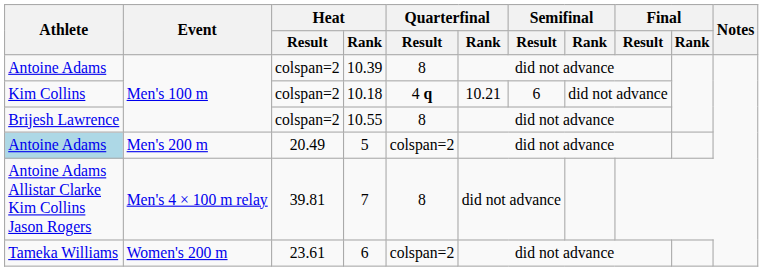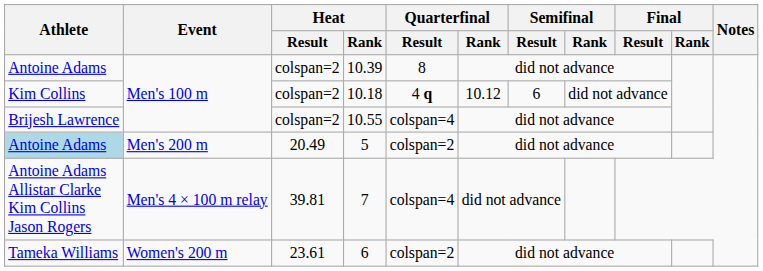 <table class="wikitable" style="font-size:90%">
 <tr>
 <th rowspan="2">Athlete</th>
 <th rowspan="2">Event</th>
 <th colspan="2">Heat</th>
 <th colspan="2">Quarterfinal</th>
 <th colspan="2">Semifinal</th>
 <th colspan="2">Final</th>
 <th rowspan="2">Notes</th>
 </tr>
 <tr style="font-size:95%">
 <th>Result</th>
 <th>Rank</th>
 <th>Result</th>
 <th>Rank</th>
 <th>Result</th>
 <th>Rank</th>
 <th>Result</th>
 <th>Rank</th>
 </tr>
 <tr align=center>
 <td align=left><a href='#'>Antoine Adams</a></td>
 <td align=left rowspan=3><a href='#'>Men's 100 m</a></td>
 <td>colspan=2 </td>
 <td>10.39</td>
 <td>8</td>
 <td colspan=4>did not advance</td>
 <td rowspan=3></td>
 </tr>
 <tr align=center>
 <td align=left><a href='#'>Kim Collins</a></td>
 <td>colspan=2 </td>
 <td>10.18</td>
 <td>4 <strong>q</strong></td>
-<td>10.21</td>
+<td>10.12</td>
 <td>6</td>
 <td colspan=2>did not advance</td>
 </tr>
 <tr align=center>
 <td align=left><a href='#'>Brijesh Lawrence</a></td>
 <td>colspan=2 </td>
 <td>10.55</td>
-<td>8</td>
+<td>colspan=4 </td>
 <td colspan=4>did not advance</td>
 </tr>
 <tr align=center>
 <td align=left style="background: lightblue;"><a href='#'>Antoine Adams</a></td>
 <td align=left><a href='#'>Men's 200 m</a></td>
 <td>20.49</td>
 <td>5</td>
 <td>colspan=2 </td>
 <td colspan=4>did not advance</td>
 <td></td>
 </tr>
 <tr align=center>
 <td align=left><a href='#'>Antoine Adams</a><br><a href='#'>Allistar Clarke</a><br><a href='#'>Kim Collins</a><br><a href='#'>Jason Rogers</a></td>
 <td align=left><a href='#'>Men's 4 × 100 m relay</a></td>
 <td>39.81</td>
 <td>7</td>
-<td>8</td>
+<td>colspan=4 </td>
 <td colspan=2>did not advance</td>
 <td></td>
 </tr>
 <tr align=center>
 <td align=left><a href='#'>Tameka Williams</a></td>
 <td align=left><a href='#'>Women's 200 m</a></td>
 <td>23.61</td>
 <td>6</td>
 <td>colspan=2 </td>
 <td colspan=4>did not advance</td>
 <td></td>
 </tr>
 </table>
